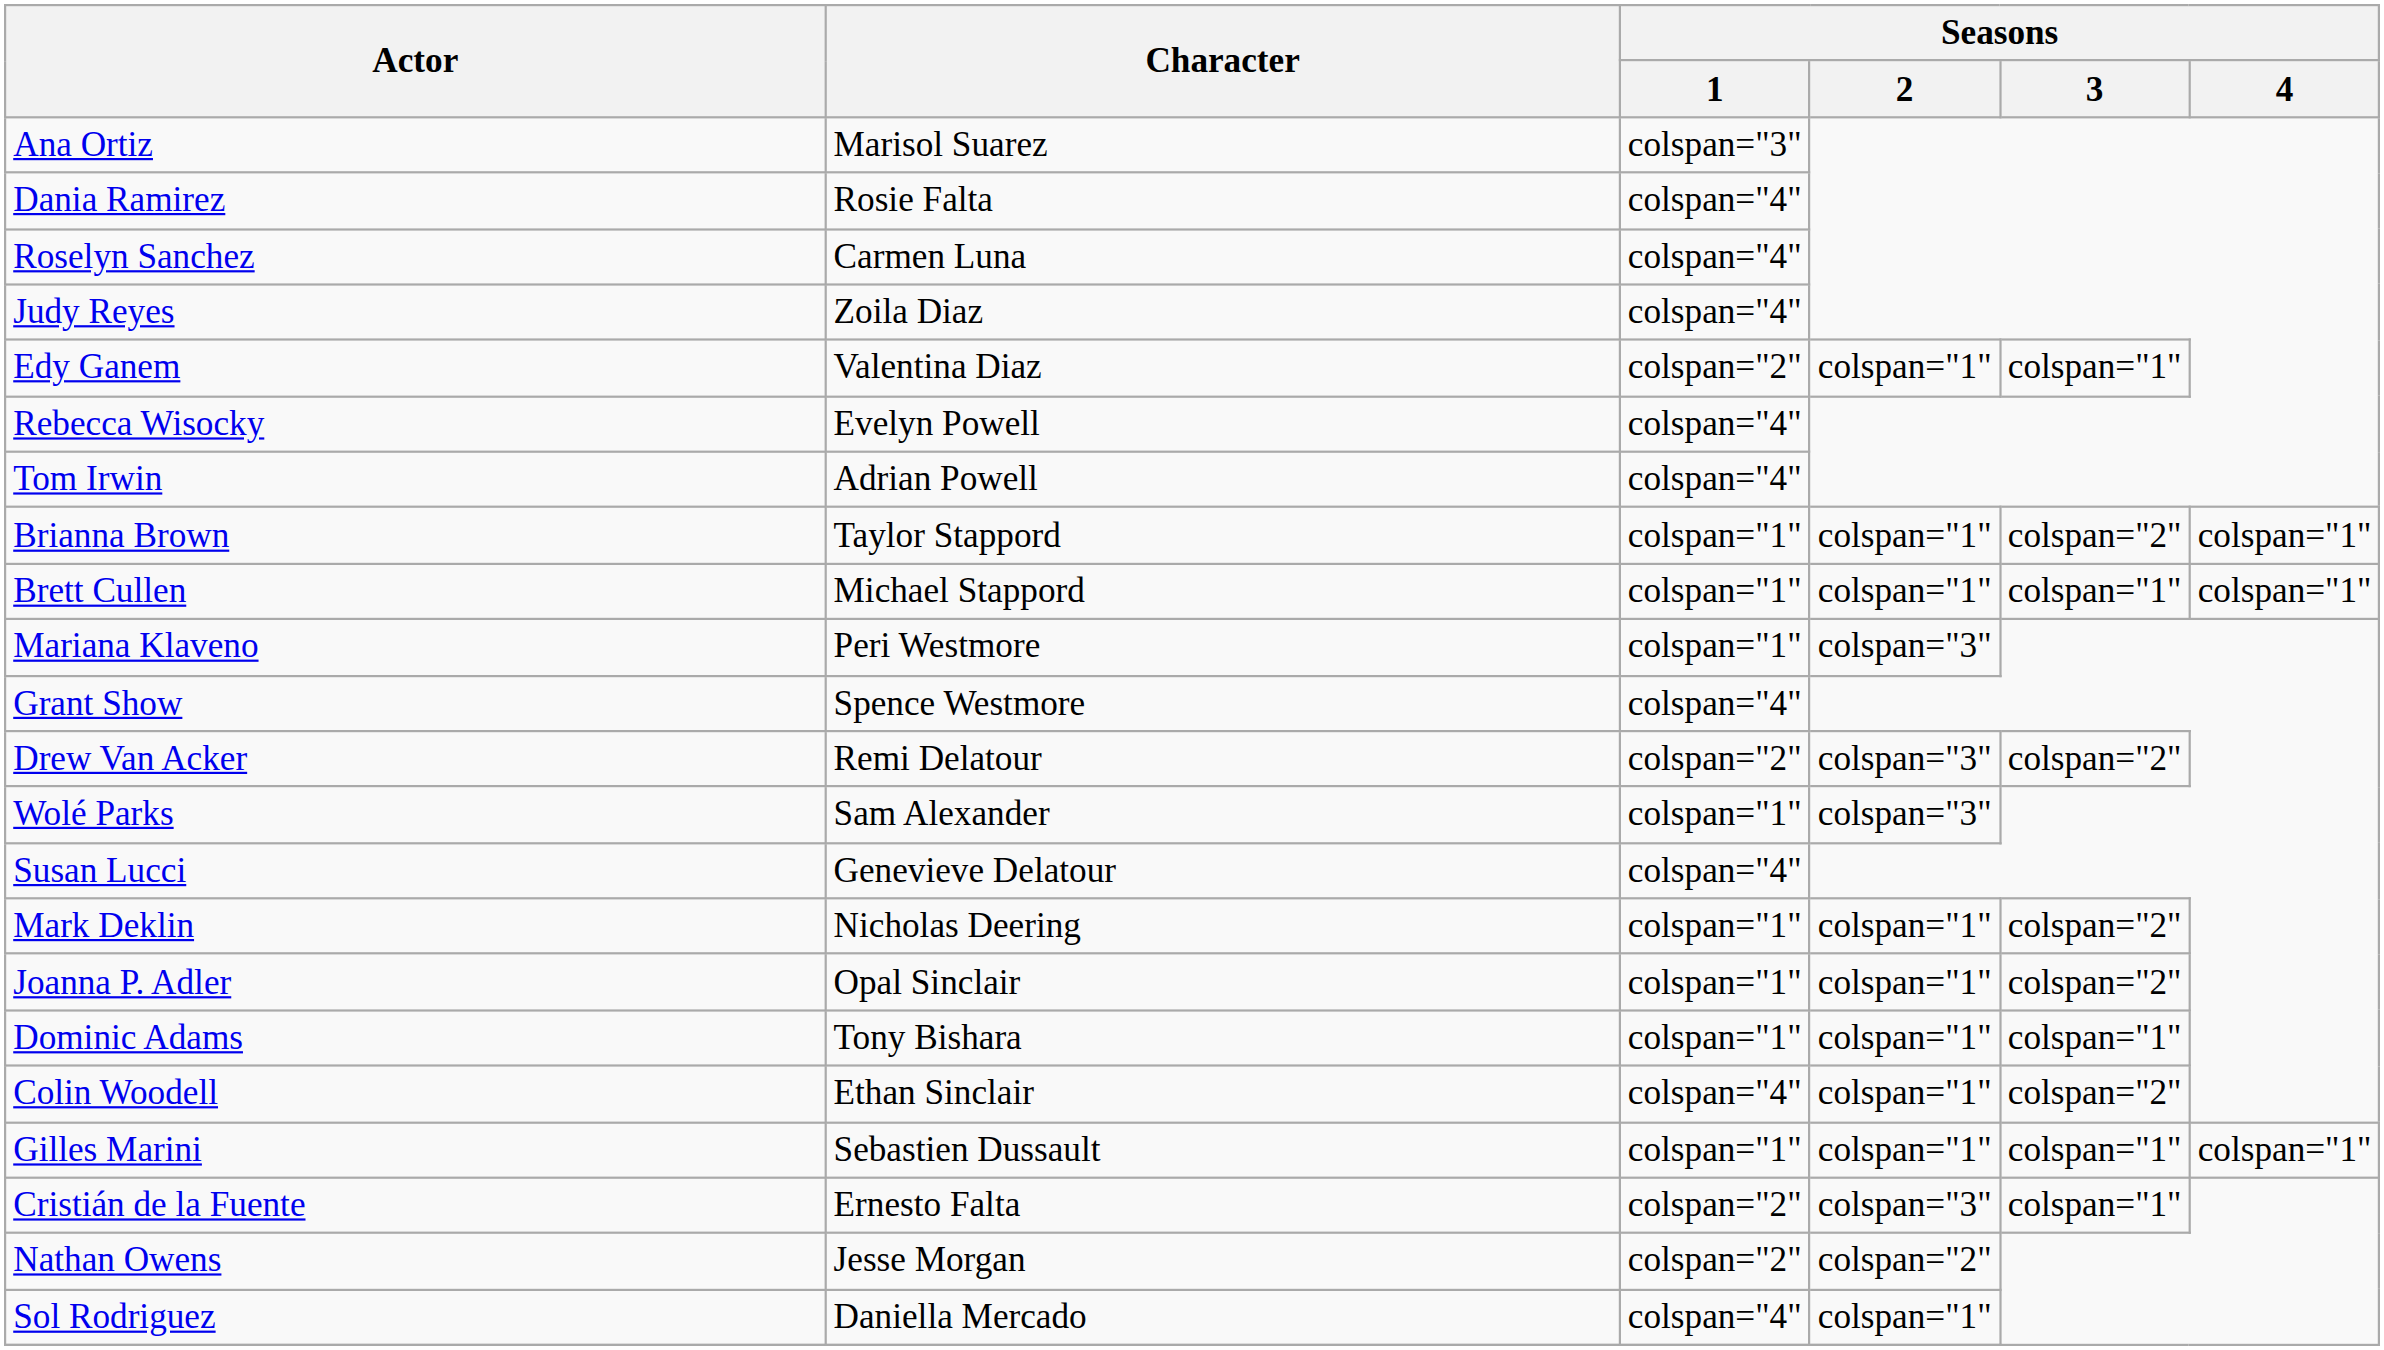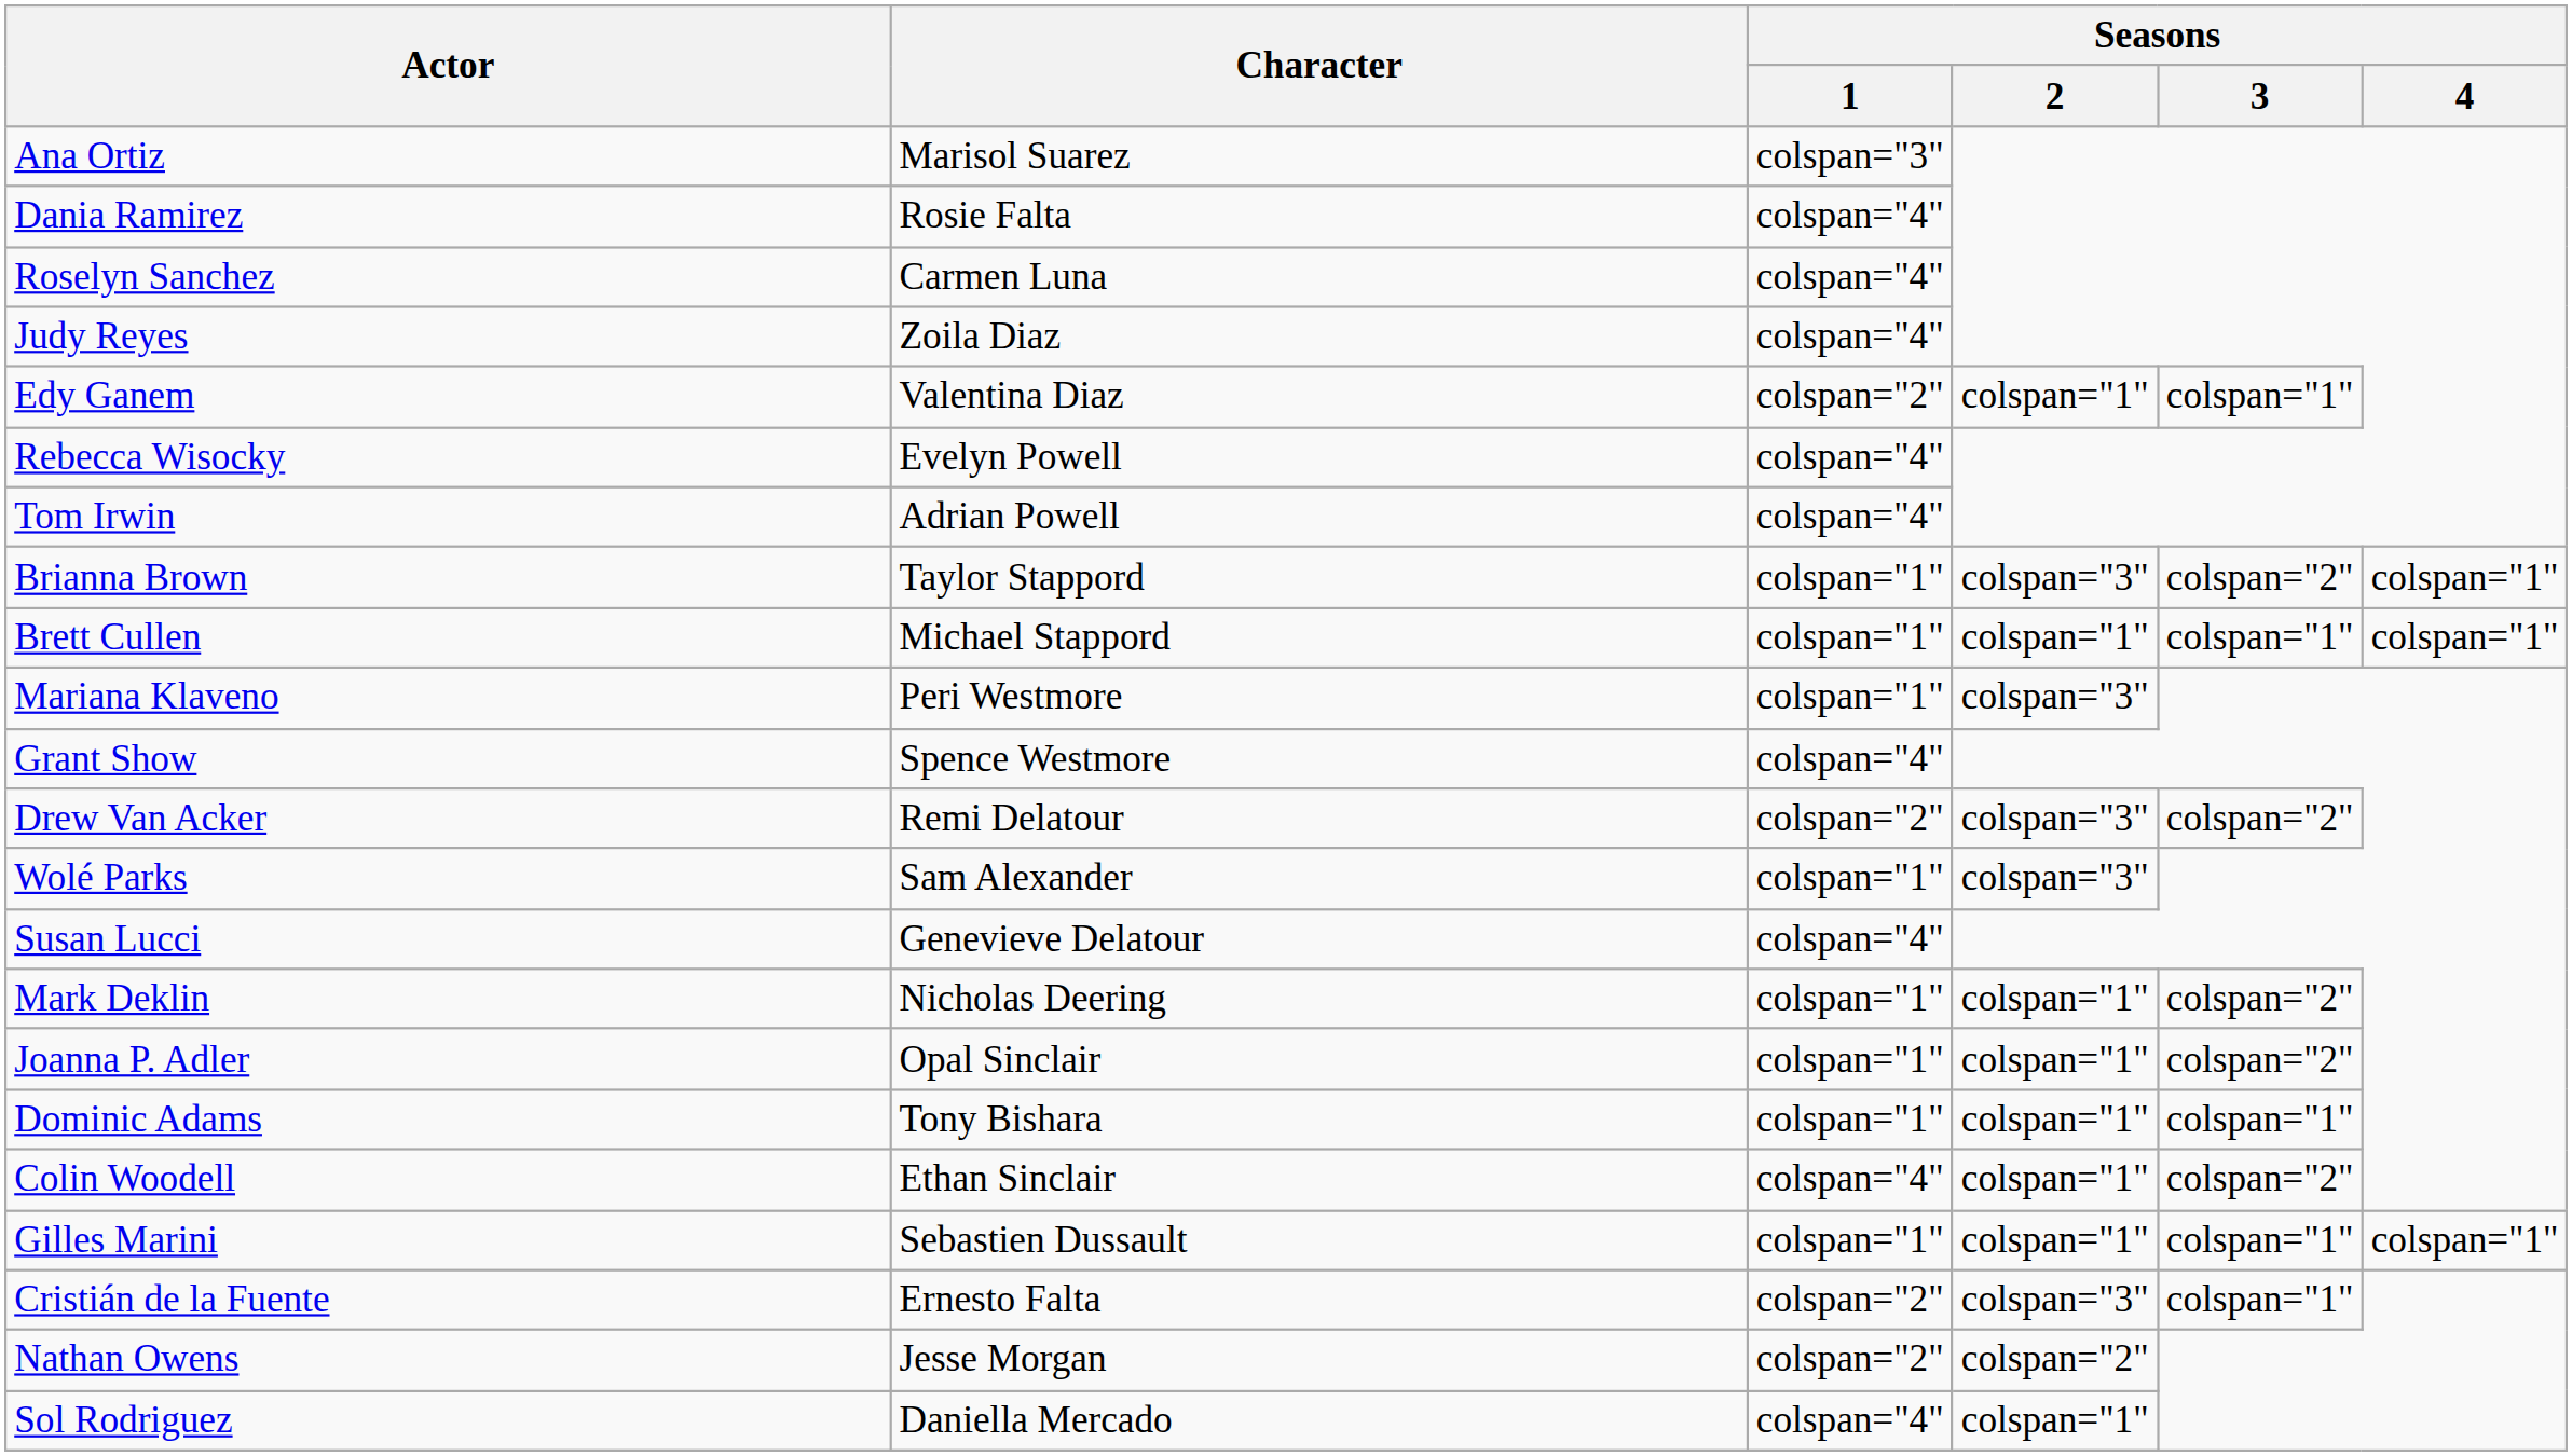 <table class="wikitable plainrowheaders">
 <tr>
 <th scope="col" rowspan="2">Actor</th>
 <th scope="col" rowspan="2">Character</th>
 <th scope="col" colspan="5">Seasons</th>
 </tr>
 <tr>
 <th scope="col" style="width:8%;">1</th>
 <th scope="col" style="width:8%;">2</th>
 <th scope="col" style="width:8%;">3</th>
 <th scope="col" style="width:8%;">4</th>
 </tr>
 <tr>
 <td scope="row"><a href='#'>Ana Ortiz</a></td>
 <td>Marisol Suarez</td>
 <td>colspan="3" </td>
 </tr>
 <tr>
 <td scope="row"><a href='#'>Dania Ramirez</a></td>
 <td>Rosie Falta</td>
 <td>colspan="4" </td>
 </tr>
 <tr>
 <td scope="row"><a href='#'>Roselyn Sanchez</a></td>
 <td>Carmen Luna</td>
 <td>colspan="4" </td>
 </tr>
 <tr>
 <td scope="row"><a href='#'>Judy Reyes</a></td>
 <td>Zoila Diaz</td>
 <td>colspan="4" </td>
 </tr>
 <tr>
 <td scope="row"><a href='#'>Edy Ganem</a></td>
 <td>Valentina Diaz</td>
 <td>colspan="2" </td>
 <td>colspan="1" </td>
 <td>colspan="1" </td>
 </tr>
 <tr>
 <td scope="row"><a href='#'>Rebecca Wisocky</a></td>
 <td>Evelyn Powell</td>
 <td>colspan="4" </td>
 </tr>
 <tr>
 <td scope="row"><a href='#'>Tom Irwin</a></td>
 <td>Adrian Powell</td>
 <td>colspan="4" </td>
 </tr>
 <tr>
 <td scope="row"><a href='#'>Brianna Brown</a></td>
 <td>Taylor Stappord</td>
 <td>colspan="1" </td>
-<td>colspan="1" </td>
+<td>colspan="3" </td>
 <td>colspan="2" </td>
 <td>colspan="1" </td>
 </tr>
 <tr>
 <td scope="row"><a href='#'>Brett Cullen</a></td>
 <td>Michael Stappord</td>
 <td>colspan="1" </td>
 <td>colspan="1" </td>
 <td>colspan="1" </td>
 <td>colspan="1" </td>
 </tr>
 <tr>
 <td scope="row"><a href='#'>Mariana Klaveno</a></td>
 <td>Peri Westmore</td>
 <td>colspan="1" </td>
 <td>colspan="3" </td>
 </tr>
 <tr>
 <td scope="row"><a href='#'>Grant Show</a></td>
 <td>Spence Westmore</td>
 <td>colspan="4" </td>
 </tr>
 <tr>
 <td scope="row"><a href='#'>Drew Van Acker</a></td>
 <td>Remi Delatour</td>
 <td>colspan="2" </td>
 <td>colspan="3" </td>
 <td>colspan="2" </td>
 </tr>
 <tr>
 <td scope="row"><a href='#'>Wolé Parks</a></td>
 <td>Sam Alexander</td>
 <td>colspan="1" </td>
 <td>colspan="3" </td>
 </tr>
 <tr>
 <td scope="row"><a href='#'>Susan Lucci</a></td>
 <td>Genevieve Delatour</td>
 <td>colspan="4" </td>
 </tr>
 <tr>
 <td scope="row"><a href='#'>Mark Deklin</a></td>
 <td>Nicholas Deering</td>
 <td>colspan="1" </td>
 <td>colspan="1" </td>
 <td>colspan="2" </td>
 </tr>
 <tr>
 <td scope="row"><a href='#'>Joanna P. Adler</a></td>
 <td>Opal Sinclair</td>
 <td>colspan="1" </td>
 <td>colspan="1" </td>
 <td>colspan="2" </td>
 </tr>
 <tr>
 <td scope="row"><a href='#'>Dominic Adams</a></td>
 <td>Tony Bishara</td>
 <td>colspan="1" </td>
 <td>colspan="1" </td>
 <td>colspan="1" </td>
 </tr>
 <tr>
 <td scope="row"><a href='#'>Colin Woodell</a></td>
 <td>Ethan Sinclair</td>
 <td>colspan="4" </td>
 <td>colspan="1" </td>
 <td>colspan="2" </td>
 </tr>
 <tr>
 <td scope="row"><a href='#'>Gilles Marini</a></td>
 <td>Sebastien Dussault</td>
 <td>colspan="1" </td>
 <td>colspan="1" </td>
 <td>colspan="1" </td>
 <td>colspan="1" </td>
 </tr>
 <tr>
 <td scope="row"><a href='#'>Cristián de la Fuente</a></td>
 <td>Ernesto Falta</td>
 <td>colspan="2" </td>
 <td>colspan="3" </td>
 <td>colspan="1" </td>
 </tr>
 <tr>
 <td scope="row"><a href='#'>Nathan Owens</a></td>
 <td>Jesse Morgan</td>
 <td>colspan="2" </td>
 <td>colspan="2" </td>
 </tr>
 <tr>
 <td scope="row"><a href='#'>Sol Rodriguez</a></td>
 <td>Daniella Mercado</td>
 <td>colspan="4" </td>
 <td>colspan="1" </td>
 </tr>
 <tr>
 </tr>
 </table>
